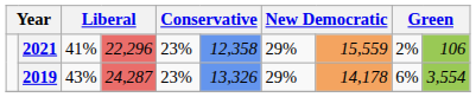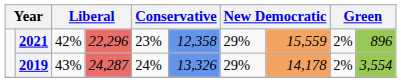 <table class="wikitable" style="float:right; width:400; font-size:90%; margin-left:1em;">
 <tr>
 <th colspan="2" scope="col">Year</th>
 <th colspan="2" scope="col"><a href='#'>Liberal</a></th>
 <th colspan="2" scope="col"><a href='#'>Conservative</a></th>
 <th colspan="2" scope="col"><a href='#'>New Democratic</a></th>
 <th colspan="2" scope="col"><a href='#'>Green</a></th>
 </tr>
 <tr>
 <td rowspan="2" style="width: 0.25em; background-color: "></td>
 <th><a href='#'>2021</a></th>
-<td>41%</td>
+<td>42%</td>
 <td style="text-align:right; background:#EA6D6A;"><em>22,296</em></td>
 <td>23%</td>
 <td style="text-align:right; background:#6495ED;"><em>12,358</em></td>
 <td>29%</td>
 <td style="text-align:right; background:#F4A460;"><em>15,559</em></td>
 <td>2%</td>
-<td style="text-align:right; background:#99C955;"><em>106</em></td>
+<td style="text-align:right; background:#99C955;"><em>896</em></td>
 </tr>
 <tr>
 <th><a href='#'>2019</a></th>
 <td>43%</td>
 <td style="text-align:right; background:#EA6D6A;"><em>24,287</em></td>
-<td>23%</td>
+<td>24%</td>
 <td style="text-align:right; background:#6495ED;"><em>13,326</em></td>
 <td>29%</td>
 <td style="text-align:right; background:#F4A460;"><em>14,178</em></td>
-<td>6%</td>
+<td>2%</td>
 <td style="text-align:right; background:#99C955;"><em>3,554</em></td>
 </tr>
 <tr>
 </tr>
 </table>
